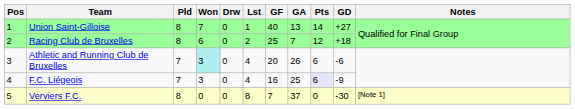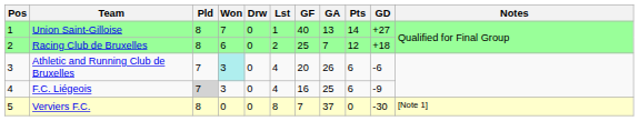 <table class="wikitable" width=70% style="font-size:90%">
 <tr>
 <th width=4%><strong>Pos</strong></th>
 <th width=26%><strong>Team</strong></th>
 <th width=4%><strong>Pld</strong></th>
 <th width=4%><strong>Won</strong></th>
 <th width=4%><strong>Drw</strong></th>
 <th width=4%><strong>Lst</strong></th>
 <th width=4%><strong>GF</strong></th>
 <th width=4%><strong>GA</strong></th>
 <th width=4%><strong>Pts</strong></th>
 <th width=4%><strong>GD</strong></th>
 <th width=38%><strong>Notes</strong></th>
 </tr>
 <tr bgcolor=#99ff99>
 <td>1</td>
 <td><a href='#'>Union Saint-Gilloise</a></td>
 <td>8</td>
 <td>7</td>
 <td>0</td>
 <td>1</td>
 <td>40</td>
 <td>13</td>
 <td>14</td>
 <td>+27</td>
 <td rowspan=2>Qualified for Final Group</td>
 </tr>
 <tr bgcolor=#99ff99>
 <td>2</td>
 <td><a href='#'>Racing Club de Bruxelles</a></td>
 <td>8</td>
 <td>6</td>
 <td>0</td>
 <td>2</td>
 <td>25</td>
 <td>7</td>
 <td>12</td>
 <td>+18</td>
 </tr>
 <tr>
 <td>3</td>
 <td><a href='#'>Athletic and Running Club de Bruxelles</a></td>
 <td>7</td>
 <td style="background: paleturquoise;">3</td>
 <td>0</td>
 <td>4</td>
 <td>20</td>
 <td>26</td>
 <td>6</td>
 <td>-6</td>
 </tr>
 <tr>
 <td>4</td>
 <td><a href='#'>F.C. Liégeois</a></td>
-<td>7</td>
+<td style="background: lightgrey;">7</td>
 <td>3</td>
 <td>0</td>
 <td>4</td>
 <td>16</td>
 <td>25</td>
-<td style="background: lavender;">6</td>
+<td>6</td>
 <td>-9</td>
 </tr>
 <tr bgcolor=#ffffcc>
 <td>5</td>
 <td><a href='#'>Verviers F.C.</a></td>
 <td>8</td>
 <td>0</td>
 <td>0</td>
 <td>8</td>
 <td>7</td>
 <td>37</td>
 <td>0</td>
 <td>-30</td>
 <td><sup>[Note 1]</sup></td>
 </tr>
 </table>
